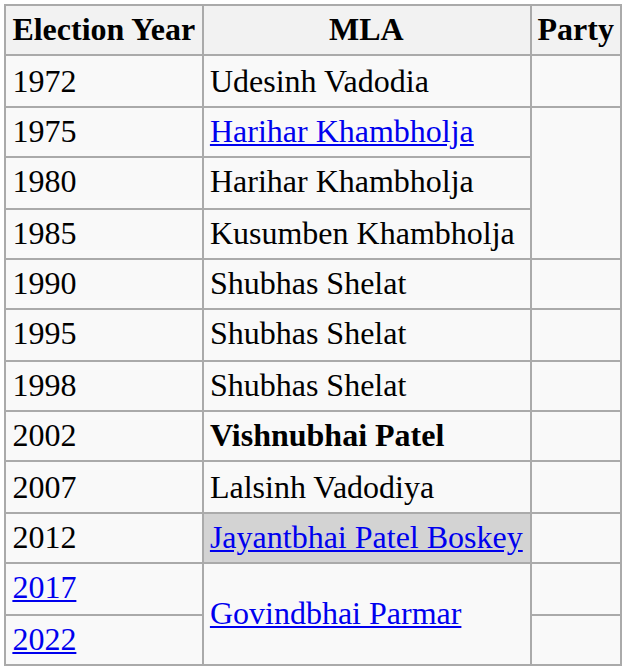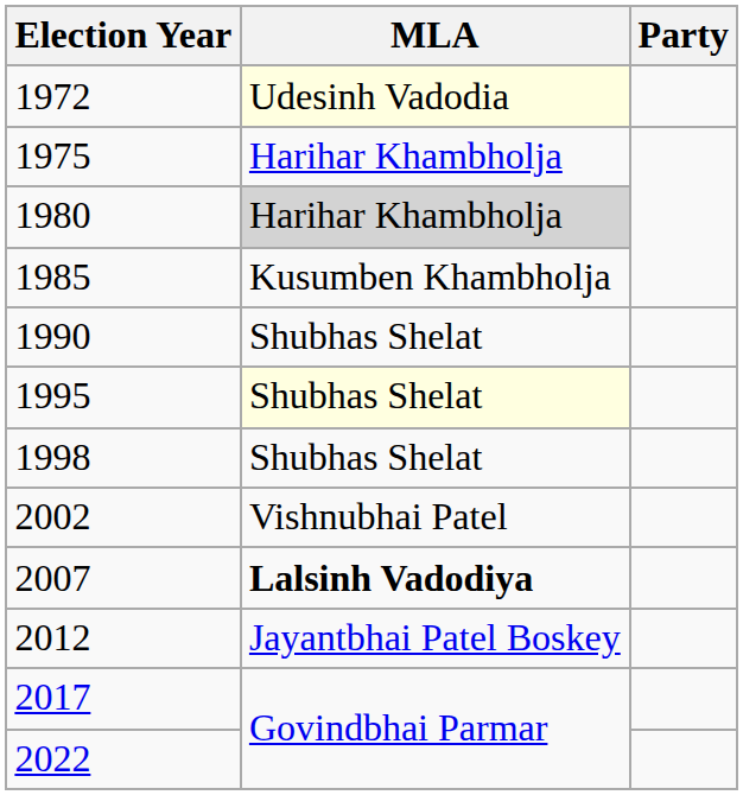 <table class="wikitable">
 <tr>
 <th>Election Year</th>
 <th>MLA</th>
 <th colspan=2>Party</th>
 </tr>
 <tr>
 <td>1972</td>
-<td>Udesinh Vadodia</td>
+<td style="background: lightyellow;">Udesinh Vadodia</td>
 <td></td>
 </tr>
 <tr>
 <td>1975</td>
 <td><a href='#'>Harihar Khambholja</a></td>
 </tr>
 <tr>
 <td>1980</td>
-<td>Harihar Khambholja</td>
+<td style="background: lightgrey;">Harihar Khambholja</td>
 </tr>
 <tr>
 <td>1985</td>
 <td>Kusumben Khambholja</td>
 </tr>
 <tr>
 <td>1990</td>
 <td>Shubhas Shelat</td>
 <td></td>
 </tr>
 <tr>
 <td>1995</td>
-<td>Shubhas Shelat</td>
+<td style="background: lightyellow;">Shubhas Shelat</td>
 <td></td>
 </tr>
 <tr>
 <td>1998</td>
 <td>Shubhas Shelat</td>
 </tr>
 <tr>
 <td>2002</td>
-<td><strong>Vishnubhai Patel</strong></td>
+<td>Vishnubhai Patel</td>
 <td></td>
 </tr>
 <tr>
 <td>2007</td>
-<td>Lalsinh Vadodiya</td>
+<td><strong>Lalsinh Vadodiya</strong></td>
 <td></td>
 </tr>
 <tr>
 <td>2012</td>
-<td style="background: lightgrey;"><a href='#'>Jayantbhai Patel Boskey</a></td>
+<td><a href='#'>Jayantbhai Patel Boskey</a></td>
 <td></td>
 </tr>
 <tr>
 <td><a href='#'>2017</a></td>
 <td rowspan=2><a href='#'>Govindbhai Parmar</a></td>
 <td></td>
 </tr>
 <tr>
 <td><a href='#'>2022</a></td>
 </tr>
 </table>
